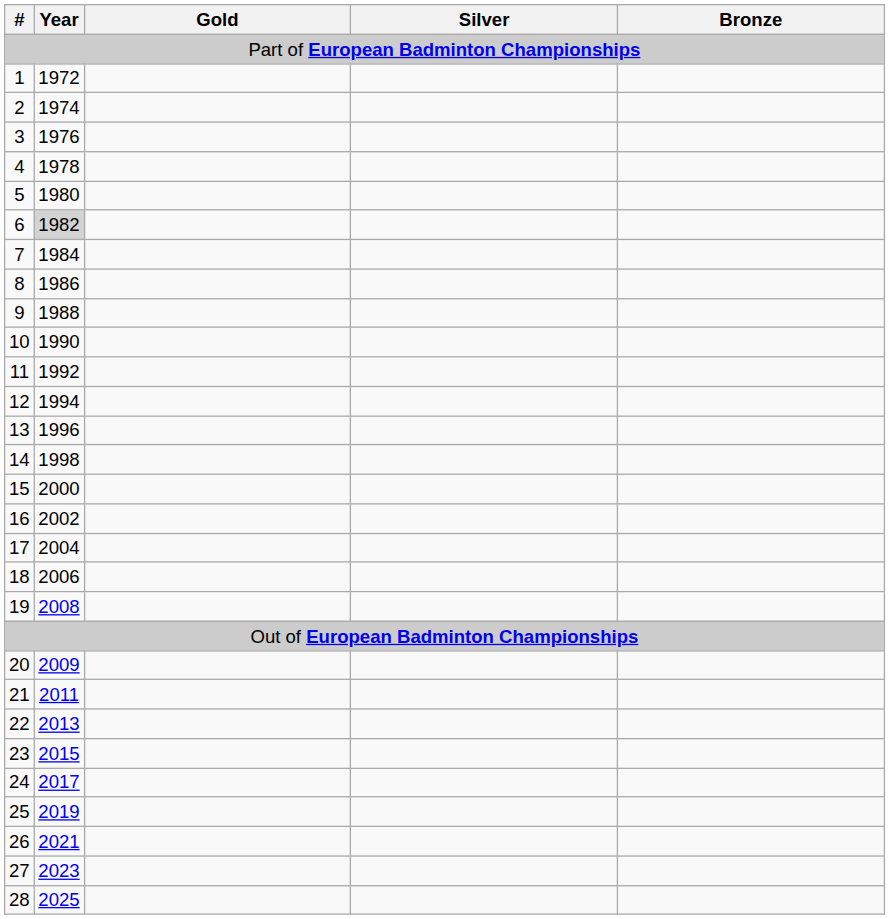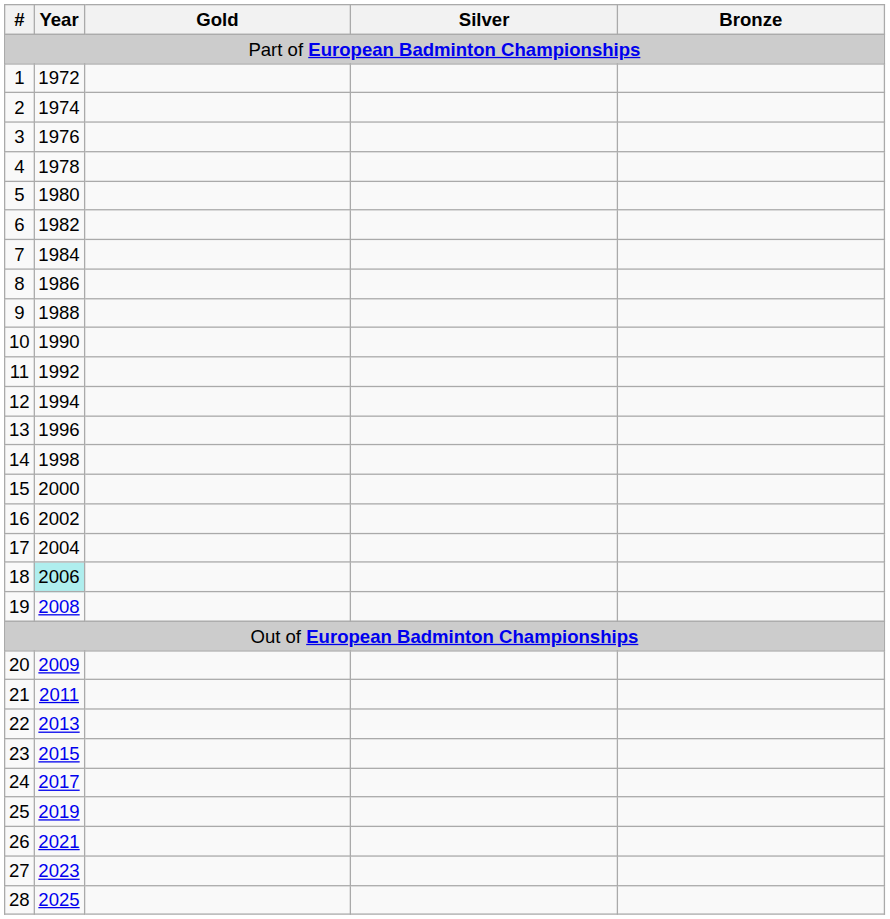 <table class=wikitable style="font-size:90%; text-align:center">
 <tr>
 <th>#</th>
 <th>Year</th>
 <th width=200>Gold</th>
 <th width=200>Silver</th>
 <th width=200>Bronze</th>
 </tr>
 <tr>
 <td colspan=5 bgcolor="#cccccc"align=center>Part of <strong><a href='#'>European Badminton Championships</a></strong></td>
 </tr>
 <tr>
 <td>1</td>
 <td>1972</td>
 <td><strong></strong></td>
 <td></td>
 <td></td>
 </tr>
 <tr>
 <td>2</td>
 <td>1974</td>
 <td><strong></strong></td>
 <td></td>
 <td></td>
 </tr>
 <tr>
 <td>3</td>
 <td>1976</td>
 <td><strong></strong></td>
 <td></td>
 <td></td>
 </tr>
 <tr>
 <td>4</td>
 <td>1978</td>
 <td><strong></strong></td>
 <td></td>
 <td></td>
 </tr>
 <tr>
 <td>5</td>
 <td>1980</td>
 <td><strong></strong></td>
 <td></td>
 <td></td>
 </tr>
 <tr>
 <td>6</td>
-<td style="background: lightgrey;">1982</td>
+<td>1982</td>
 <td><strong></strong></td>
 <td></td>
 <td></td>
 </tr>
 <tr>
 <td>7</td>
 <td>1984</td>
 <td><strong></strong></td>
 <td></td>
 <td></td>
 </tr>
 <tr>
 <td>8</td>
 <td>1986</td>
 <td><strong></strong></td>
 <td></td>
 <td></td>
 </tr>
 <tr>
 <td>9</td>
 <td>1988</td>
 <td><strong></strong></td>
 <td></td>
 <td></td>
 </tr>
 <tr>
 <td>10</td>
 <td>1990</td>
 <td><strong></strong></td>
 <td></td>
 <td></td>
 </tr>
 <tr>
 <td>11</td>
 <td>1992</td>
 <td><strong></strong></td>
 <td></td>
 <td></td>
 </tr>
 <tr>
 <td>12</td>
 <td>1994</td>
 <td><strong></strong></td>
 <td></td>
 <td></td>
 </tr>
 <tr>
 <td>13</td>
 <td>1996</td>
 <td><strong></strong></td>
 <td></td>
 <td></td>
 </tr>
 <tr>
 <td>14</td>
 <td>1998</td>
 <td><strong></strong></td>
 <td></td>
 <td></td>
 </tr>
 <tr>
 <td>15</td>
 <td>2000</td>
 <td><strong></strong></td>
 <td></td>
 <td></td>
 </tr>
 <tr>
 <td>16</td>
 <td>2002</td>
 <td><strong></strong></td>
 <td></td>
 <td></td>
 </tr>
 <tr>
 <td>17</td>
 <td>2004</td>
 <td><strong></strong></td>
 <td></td>
 <td></td>
 </tr>
 <tr>
 <td>18</td>
-<td>2006</td>
+<td style="background: paleturquoise;">2006</td>
 <td><strong></strong></td>
 <td></td>
 <td></td>
 </tr>
 <tr>
 <td>19</td>
 <td><a href='#'>2008</a></td>
 <td><strong></strong></td>
 <td></td>
 <td></td>
 </tr>
 <tr>
 <td colspan=5 bgcolor="#cccccc"align=center>Out of <strong><a href='#'>European Badminton Championships</a></strong></td>
 </tr>
 <tr>
 <td>20</td>
 <td><a href='#'>2009</a></td>
 <td><strong></strong></td>
 <td></td>
 <td><br></td>
 </tr>
 <tr>
 <td>21</td>
 <td><a href='#'>2011</a></td>
 <td><strong></strong></td>
 <td></td>
 <td><br></td>
 </tr>
 <tr>
 <td>22</td>
 <td><a href='#'>2013</a></td>
 <td><strong></strong></td>
 <td></td>
 <td><br></td>
 </tr>
 <tr>
 <td>23</td>
 <td><a href='#'>2015</a></td>
 <td><strong></strong></td>
 <td></td>
 <td><br></td>
 </tr>
 <tr>
 <td>24</td>
 <td><a href='#'>2017</a></td>
 <td><strong></strong></td>
 <td></td>
 <td><br></td>
 </tr>
 <tr>
 <td>25</td>
 <td><a href='#'>2019</a></td>
 <td><strong></strong></td>
 <td></td>
 <td><br></td>
 </tr>
 <tr>
 <td>26</td>
 <td><a href='#'>2021</a></td>
 <td><strong></strong></td>
 <td></td>
 <td><br></td>
 </tr>
 <tr>
 <td>27</td>
 <td><a href='#'>2023</a></td>
 <td><strong></strong></td>
 <td></td>
 <td><br></td>
 </tr>
 <tr>
 <td>28</td>
 <td><a href='#'>2025</a></td>
 <td><strong></strong></td>
 <td></td>
 <td><br></td>
 </tr>
 </table>
